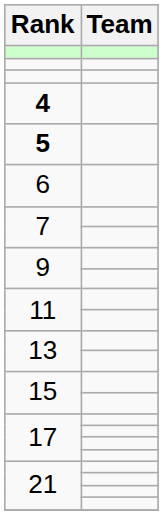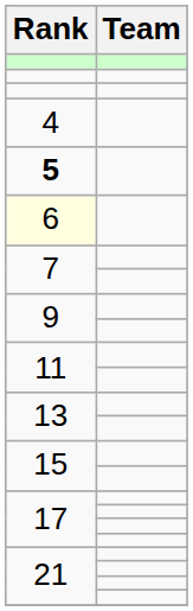 <table class="wikitable">
 <tr>
 <th>Rank</th>
 <th>Team</th>
 </tr>
 <tr bgcolor=ccffcc>
 <td align=center></td>
 <td></td>
 </tr>
 <tr>
 <td align=center></td>
 <td></td>
 </tr>
 <tr>
 <td align=center></td>
 <td></td>
 </tr>
 <tr>
-<td align=center><strong>4</strong></td>
+<td align=center>4</td>
 <td></td>
 </tr>
 <tr>
 <td align=center><strong>5</strong></td>
 <td></td>
 </tr>
 <tr>
-<td align=center>6</td>
+<td align=center style="background: lightyellow;">6</td>
 <td></td>
 </tr>
 <tr>
 <td rowspan=2 align=center>7</td>
 <td></td>
 </tr>
 <tr>
 <td></td>
 </tr>
 <tr>
 <td rowspan=2 align=center>9</td>
 <td></td>
 </tr>
 <tr>
 <td></td>
 </tr>
 <tr>
 <td rowspan=2 align=center>11</td>
 <td></td>
 </tr>
 <tr>
 <td></td>
 </tr>
 <tr>
 <td rowspan=2 align=center>13</td>
 <td></td>
 </tr>
 <tr>
 <td></td>
 </tr>
 <tr>
 <td rowspan=2 align=center>15</td>
 <td></td>
 </tr>
 <tr>
 <td></td>
 </tr>
 <tr>
 <td rowspan=4 align=center>17</td>
 <td></td>
 </tr>
 <tr>
 <td></td>
 </tr>
 <tr>
 <td></td>
 </tr>
 <tr>
 <td></td>
 </tr>
 <tr>
 <td rowspan=4 align=center>21</td>
 <td></td>
 </tr>
 <tr>
 <td></td>
 </tr>
 <tr>
 <td></td>
 </tr>
 <tr>
 <td></td>
 </tr>
 <tr>
 </tr>
 </table>
